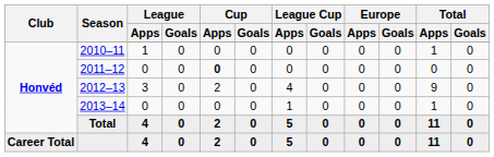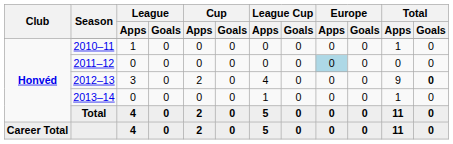 <table class="wikitable" style="font-size:90%; text-align: center;">
 <tr>
 <th rowspan="2">Club</th>
 <th rowspan="2">Season</th>
 <th colspan="2">League</th>
 <th colspan="2">Cup</th>
 <th colspan="2">League Cup</th>
 <th colspan="2">Europe</th>
 <th colspan="2">Total</th>
 </tr>
 <tr>
 <th>Apps</th>
 <th>Goals</th>
 <th>Apps</th>
 <th>Goals</th>
 <th>Apps</th>
 <th>Goals</th>
 <th>Apps</th>
 <th>Goals</th>
 <th>Apps</th>
 <th>Goals</th>
 </tr>
 <tr ||-||-||-|->
 <td rowspan="6" valign="center"><strong><a href='#'>Honvéd</a></strong></td>
 </tr>
 <tr>
 <td><a href='#'>2010–11</a></td>
 <td>1</td>
 <td>0</td>
 <td>0</td>
 <td>0</td>
 <td>0</td>
 <td>0</td>
 <td>0</td>
 <td>0</td>
 <td>1</td>
 <td>0</td>
 </tr>
 <tr>
 <td><a href='#'>2011–12</a></td>
 <td>0</td>
 <td>0</td>
-<td><strong>0</strong></td>
 <td>0</td>
 <td>0</td>
 <td>0</td>
 <td>0</td>
+<td style="background: lightblue;">0</td>
 <td>0</td>
 <td>0</td>
 <td>0</td>
 </tr>
 <tr>
 <td><a href='#'>2012–13</a></td>
 <td>3</td>
 <td>0</td>
 <td>2</td>
 <td>0</td>
 <td>4</td>
 <td>0</td>
 <td>0</td>
 <td>0</td>
 <td>9</td>
-<td>0</td>
+<td><strong>0</strong></td>
 </tr>
 <tr>
 <td><a href='#'>2013–14</a></td>
 <td>0</td>
 <td>0</td>
 <td>0</td>
 <td>0</td>
 <td>1</td>
 <td>0</td>
 <td>0</td>
 <td>0</td>
 <td>1</td>
 <td>0</td>
 </tr>
 <tr style="font-weight:bold; background-color:#eeeeee;">
 <td>Total</td>
 <td>4</td>
 <td>0</td>
 <td>2</td>
 <td>0</td>
 <td>5</td>
 <td>0</td>
 <td>0</td>
 <td>0</td>
 <td>11</td>
 <td>0</td>
 </tr>
 <tr style="font-weight:bold; background-color:#eeeeee;">
 <td rowspan="1" valign="top"><strong>Career Total</strong></td>
 <td></td>
 <td><strong>4</strong></td>
 <td><strong>0</strong></td>
 <td><strong>2</strong></td>
 <td><strong>0</strong></td>
 <td><strong>5</strong></td>
 <td><strong>0</strong></td>
 <td><strong>0</strong></td>
 <td><strong>0</strong></td>
 <td><strong>11</strong></td>
 <td><strong>0</strong></td>
 </tr>
 </table>
